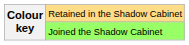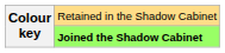 <table class="wikitable">
 <tr>
 <th rowspan=2>Colour<br>key</th>
 <td bgcolor=ffdd88><small>Retained in the Shadow Cabinet</small></td>
 </tr>
 <tr>
-<td bgcolor=99ff66><small>Joined the Shadow Cabinet</small></td>
+<td bgcolor=99ff66><strong><small>Joined the Shadow Cabinet</small></strong></td>
 </tr>
 </table>
